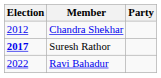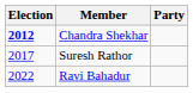 <table class="wikitable sortable">
 <tr>
 <th>Election</th>
 <th>Member</th>
 <th colspan=2>Party</th>
 </tr>
 <tr>
-<td><a href='#'>2012</a></td>
+<td><strong><a href='#'>2012</a></strong></td>
 <td><a href='#'>Chandra Shekhar</a></td>
 <td></td>
 </tr>
 <tr>
-<td><strong><a href='#'>2017</a></strong></td>
+<td><a href='#'>2017</a></td>
 <td>Suresh Rathor</td>
 </tr>
 <tr>
 <td><a href='#'>2022</a></td>
 <td><a href='#'>Ravi Bahadur</a></td>
 <td></td>
 </tr>
 </table>
